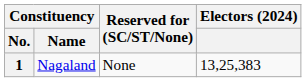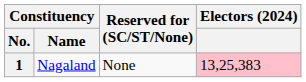 <table class="wikitable sortable">
 <tr>
 <th scope=colgroup colspan="2">Constituency</th>
 <th scope=col rowspan=2>Reserved for<br>(SC/ST/None)</th>
 <th>Electors (2024)</th>
 </tr>
 <tr>
 <th scope=col>No.</th>
 <th scope=col>Name</th>
 <th></th>
 </tr>
 <tr>
 <th scope=row>1</th>
 <td><a href='#'>Nagaland</a></td>
 <td>None</td>
-<td>13,25,383</td>
+<td style="background: pink;">13,25,383</td>
 </tr>
 </table>
